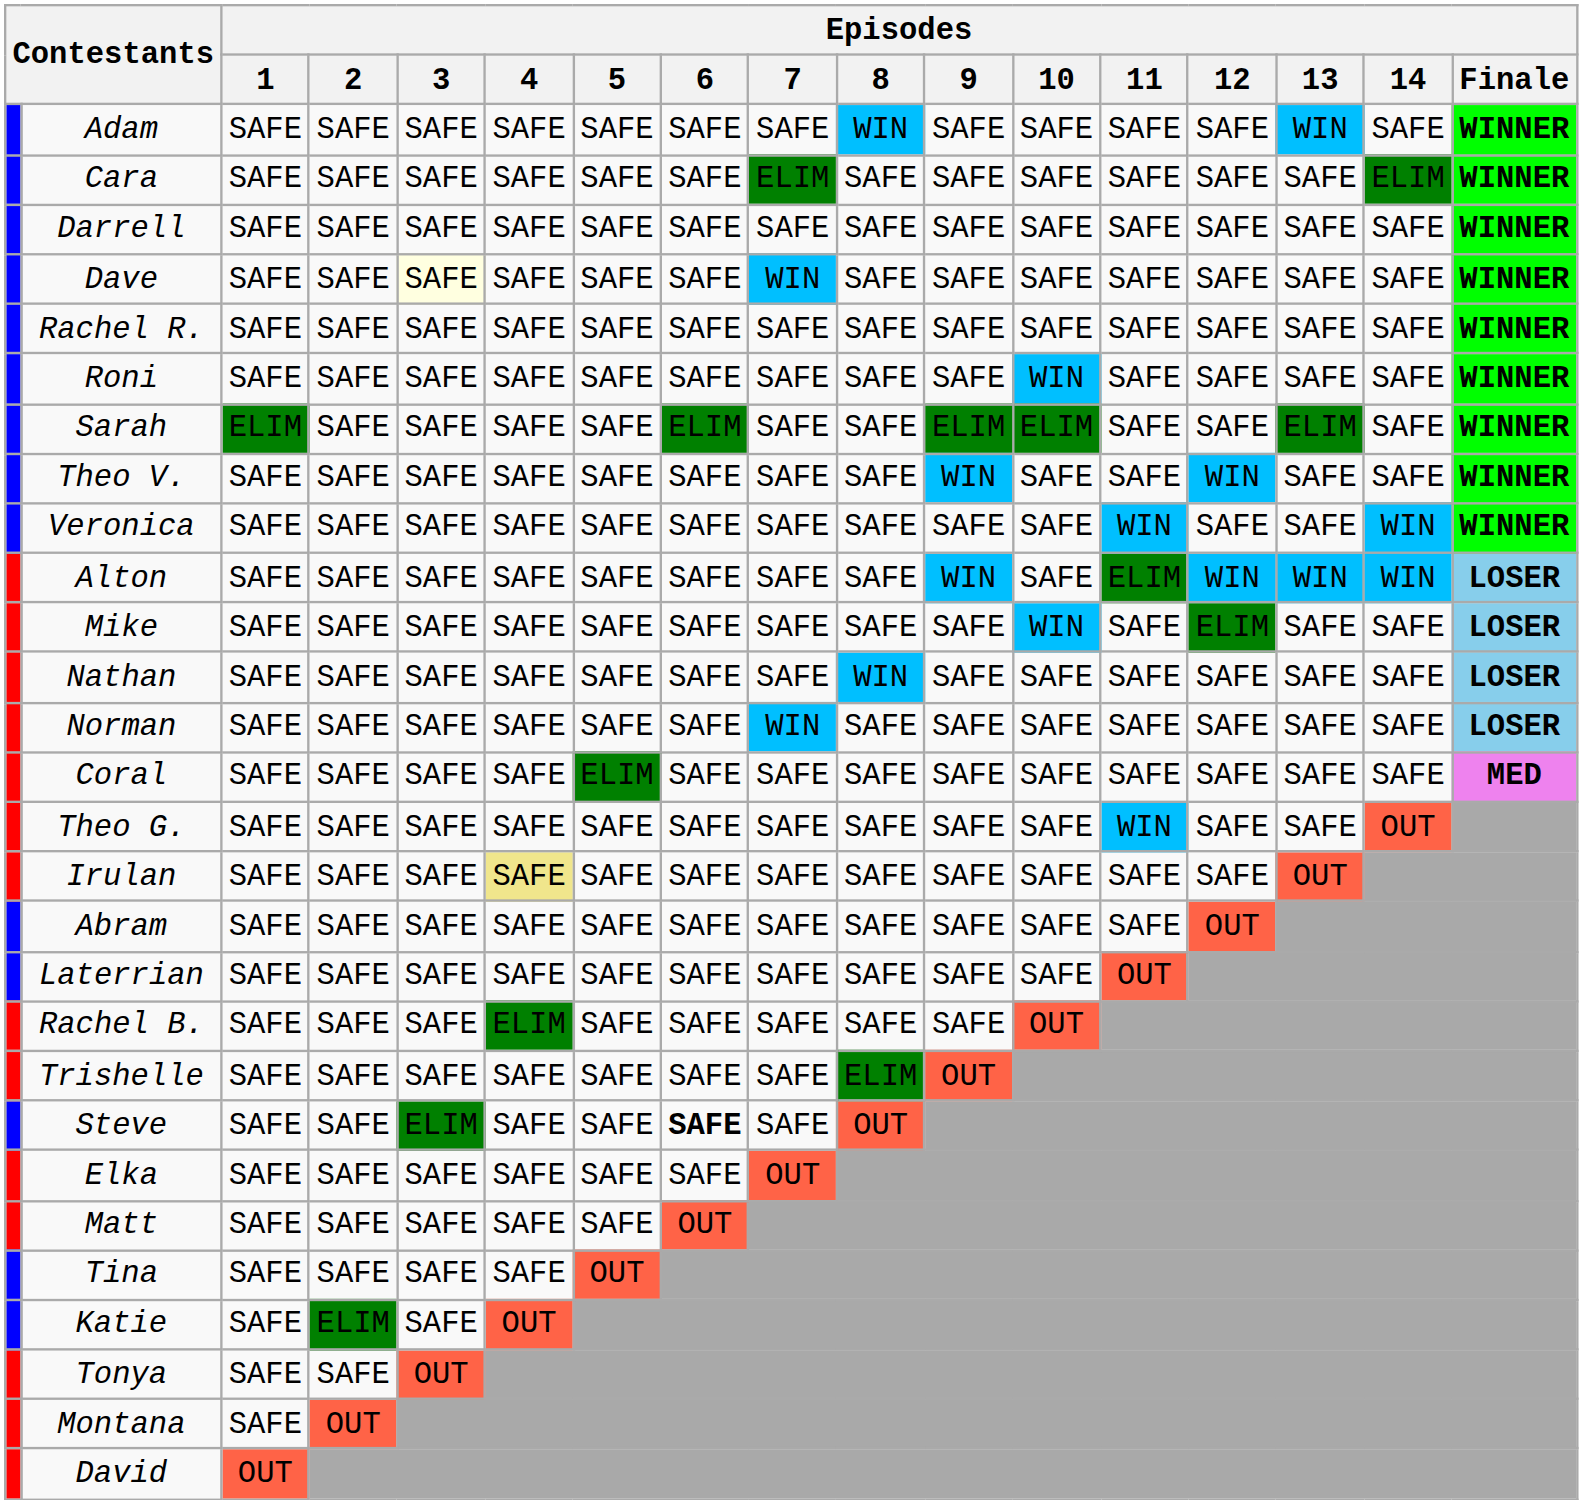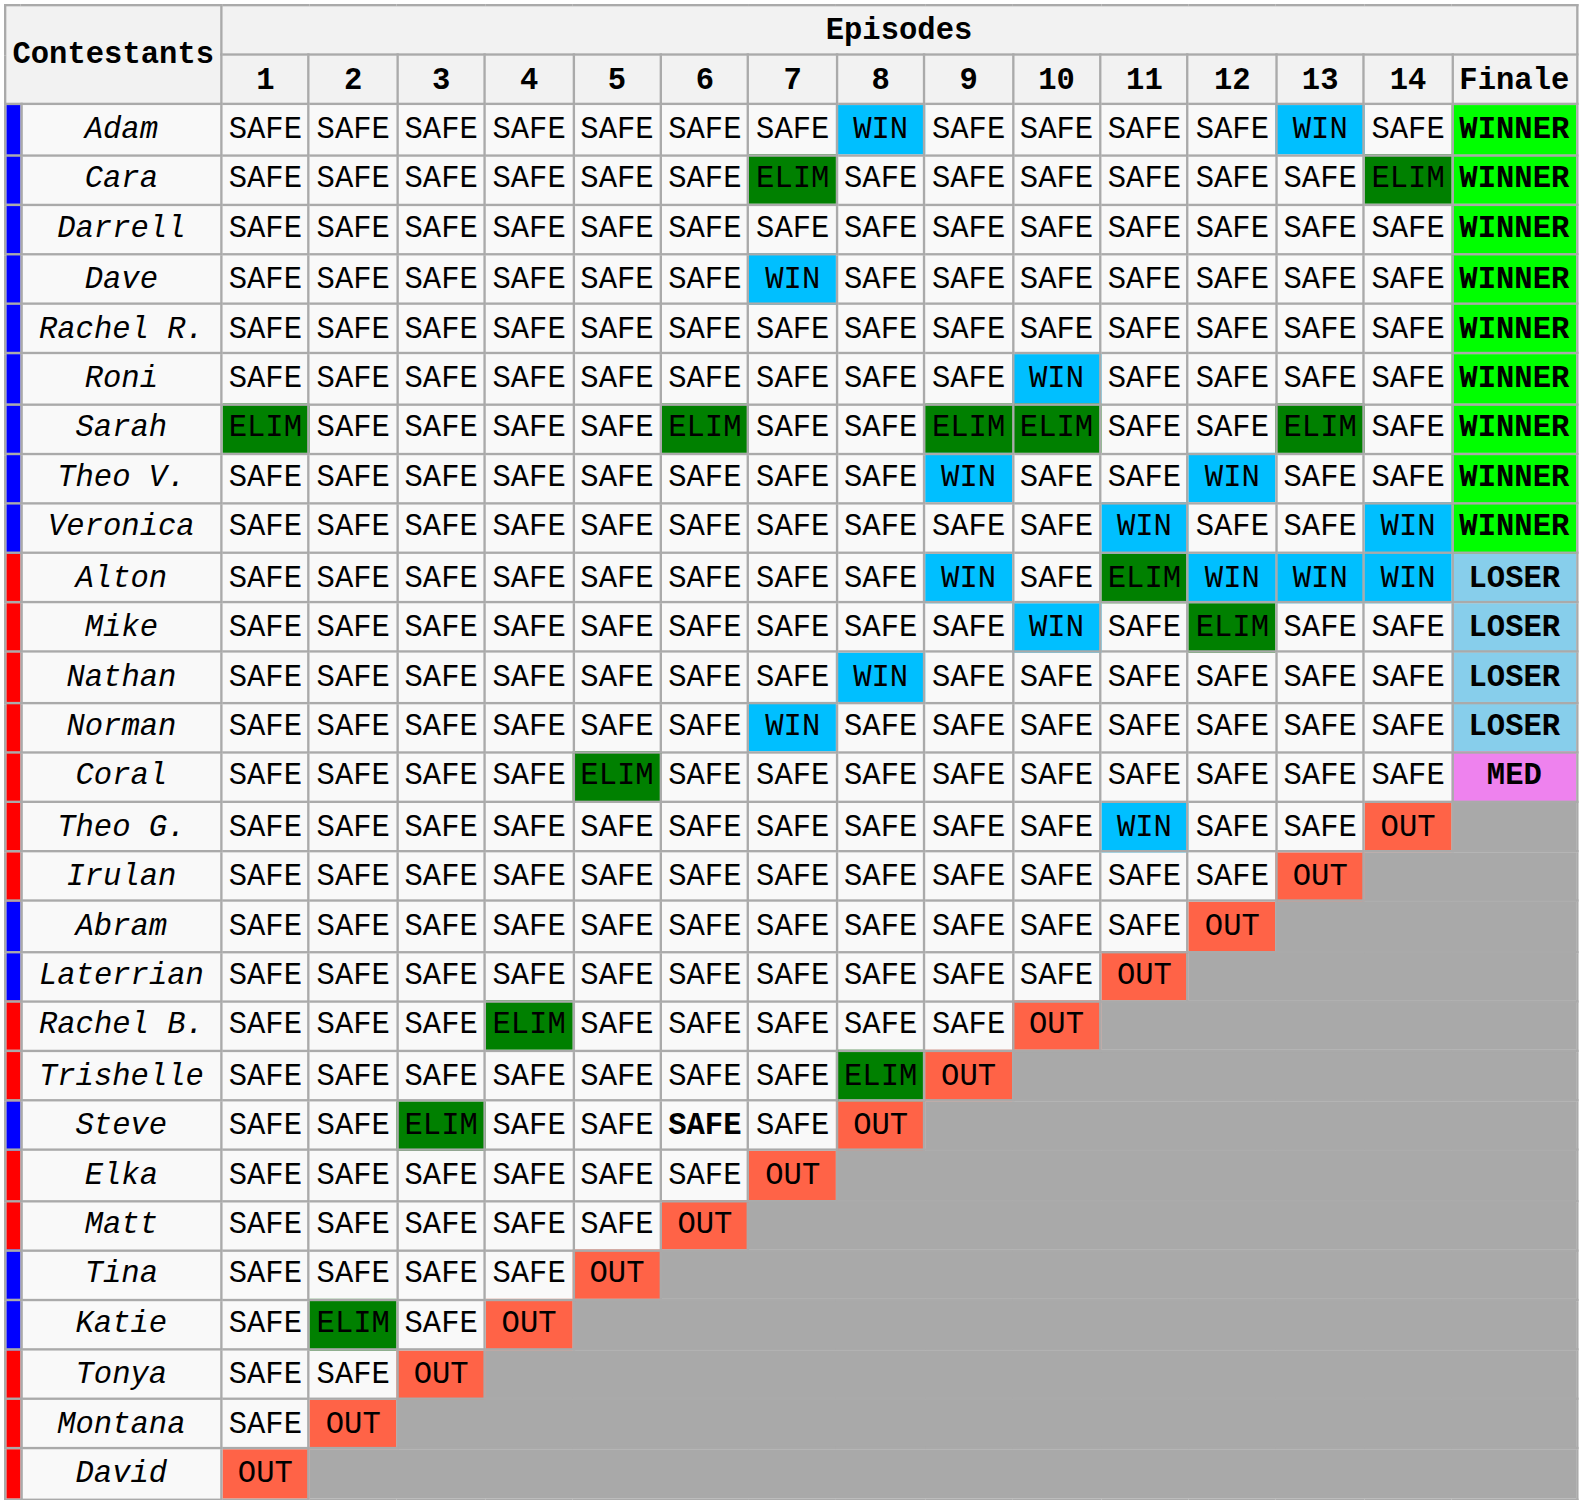 <table class="wikitable" style="text-align:center; font-size:100%">
 <tr>
 <th rowspan=2 colspan=2>Contestants</th>
 <th rowspan=1 colspan=16>Episodes</th>
 </tr>
 <tr>
 <th>1</th>
 <th>2</th>
 <th>3</th>
 <th>4</th>
 <th>5</th>
 <th>6</th>
 <th>7</th>
 <th>8</th>
 <th>9</th>
 <th>10</th>
 <th>11</th>
 <th>12</th>
 <th>13</th>
 <th>14</th>
 <th>Finale</th>
 </tr>
 <tr>
 <td bgcolor="blue"></td>
 <td><em>Adam</em></td>
 <td>SAFE</td>
 <td>SAFE</td>
 <td>SAFE</td>
 <td>SAFE</td>
 <td>SAFE</td>
 <td>SAFE</td>
 <td>SAFE</td>
 <td bgcolor="deepskyblue">WIN</td>
 <td>SAFE</td>
 <td>SAFE</td>
 <td>SAFE</td>
 <td>SAFE</td>
 <td bgcolor="deepskyblue">WIN</td>
 <td>SAFE</td>
 <td bgcolor="lime"><strong>WINNER</strong></td>
 </tr>
 <tr>
 <td bgcolor="blue"></td>
 <td><em>Cara</em></td>
 <td>SAFE</td>
 <td>SAFE</td>
 <td>SAFE</td>
 <td>SAFE</td>
 <td>SAFE</td>
 <td>SAFE</td>
 <td bgcolor="green"><span>ELIM</span></td>
 <td>SAFE</td>
 <td>SAFE</td>
 <td>SAFE</td>
 <td>SAFE</td>
 <td>SAFE</td>
 <td>SAFE</td>
 <td bgcolor="green"><span>ELIM</span></td>
 <td bgcolor="lime"><strong>WINNER</strong></td>
 </tr>
 <tr>
 <td bgcolor="blue"></td>
 <td><em>Darrell</em></td>
 <td>SAFE</td>
 <td>SAFE</td>
 <td>SAFE</td>
 <td>SAFE</td>
 <td>SAFE</td>
 <td>SAFE</td>
 <td>SAFE</td>
 <td>SAFE</td>
 <td>SAFE</td>
 <td>SAFE</td>
 <td>SAFE</td>
 <td>SAFE</td>
 <td>SAFE</td>
 <td>SAFE</td>
 <td bgcolor="lime"><strong>WINNER</strong></td>
 </tr>
 <tr>
 <td bgcolor="blue"></td>
 <td><em>Dave</em></td>
 <td>SAFE</td>
 <td>SAFE</td>
-<td style="background: lightyellow;">SAFE</td>
+<td>SAFE</td>
 <td>SAFE</td>
 <td>SAFE</td>
 <td>SAFE</td>
 <td bgcolor="deepskyblue">WIN</td>
 <td>SAFE</td>
 <td>SAFE</td>
 <td>SAFE</td>
 <td>SAFE</td>
 <td>SAFE</td>
 <td>SAFE</td>
 <td>SAFE</td>
 <td bgcolor="lime"><strong>WINNER</strong></td>
 </tr>
 <tr>
 <td bgcolor="blue"></td>
 <td><em>Rachel R.</em></td>
 <td>SAFE</td>
 <td>SAFE</td>
 <td>SAFE</td>
 <td>SAFE</td>
 <td>SAFE</td>
 <td>SAFE</td>
 <td>SAFE</td>
 <td>SAFE</td>
 <td>SAFE</td>
 <td>SAFE</td>
 <td>SAFE</td>
 <td>SAFE</td>
 <td>SAFE</td>
 <td>SAFE</td>
 <td bgcolor="lime"><strong>WINNER</strong></td>
 </tr>
 <tr>
 <td bgcolor="blue"></td>
 <td><em>Roni</em></td>
 <td>SAFE</td>
 <td>SAFE</td>
 <td>SAFE</td>
 <td>SAFE</td>
 <td>SAFE</td>
 <td>SAFE</td>
 <td>SAFE</td>
 <td>SAFE</td>
 <td>SAFE</td>
 <td bgcolor="deepskyblue">WIN</td>
 <td>SAFE</td>
 <td>SAFE</td>
 <td>SAFE</td>
 <td>SAFE</td>
 <td bgcolor="lime"><strong>WINNER</strong></td>
 </tr>
 <tr>
 <td bgcolor="blue"></td>
 <td><em>Sarah</em></td>
 <td bgcolor="green"><span>ELIM</span></td>
 <td>SAFE</td>
 <td>SAFE</td>
 <td>SAFE</td>
 <td>SAFE</td>
 <td bgcolor="green"><span>ELIM</span></td>
 <td>SAFE</td>
 <td>SAFE</td>
 <td bgcolor="green"><span>ELIM</span></td>
 <td bgcolor="green"><span>ELIM</span></td>
 <td>SAFE</td>
 <td>SAFE</td>
 <td bgcolor="green"><span>ELIM</span></td>
 <td>SAFE</td>
 <td bgcolor="lime"><strong>WINNER</strong></td>
 </tr>
 <tr>
 <td bgcolor="blue"></td>
 <td><em>Theo V.</em></td>
 <td>SAFE</td>
 <td>SAFE</td>
 <td>SAFE</td>
 <td>SAFE</td>
 <td>SAFE</td>
 <td>SAFE</td>
 <td>SAFE</td>
 <td>SAFE</td>
 <td bgcolor="deepskyblue">WIN</td>
 <td>SAFE</td>
 <td>SAFE</td>
 <td bgcolor="deepskyblue">WIN</td>
 <td>SAFE</td>
 <td>SAFE</td>
 <td bgcolor="lime"><strong>WINNER</strong></td>
 </tr>
 <tr>
 <td bgcolor="blue"></td>
 <td><em>Veronica</em></td>
 <td>SAFE</td>
 <td>SAFE</td>
 <td>SAFE</td>
 <td>SAFE</td>
 <td>SAFE</td>
 <td>SAFE</td>
 <td>SAFE</td>
 <td>SAFE</td>
 <td>SAFE</td>
 <td>SAFE</td>
 <td bgcolor="deepskyblue">WIN</td>
 <td>SAFE</td>
 <td>SAFE</td>
 <td bgcolor="deepskyblue">WIN</td>
 <td bgcolor="lime"><strong>WINNER</strong></td>
 </tr>
 <tr>
 <td bgcolor="red"></td>
 <td><em>Alton</em></td>
 <td>SAFE</td>
 <td>SAFE</td>
 <td>SAFE</td>
 <td>SAFE</td>
 <td>SAFE</td>
 <td>SAFE</td>
 <td>SAFE</td>
 <td>SAFE</td>
 <td bgcolor="deepskyblue">WIN</td>
 <td>SAFE</td>
 <td bgcolor="green"><span>ELIM</span></td>
 <td bgcolor="deepskyblue">WIN</td>
 <td bgcolor="deepskyblue">WIN</td>
 <td bgcolor="deepskyblue">WIN</td>
 <td bgcolor="skyblue"><strong>LOSER</strong></td>
 </tr>
 <tr>
 <td bgcolor="red"></td>
 <td><em>Mike</em></td>
 <td>SAFE</td>
 <td>SAFE</td>
 <td>SAFE</td>
 <td>SAFE</td>
 <td>SAFE</td>
 <td>SAFE</td>
 <td>SAFE</td>
 <td>SAFE</td>
 <td>SAFE</td>
 <td bgcolor="deepskyblue">WIN</td>
 <td>SAFE</td>
 <td bgcolor="green"><span>ELIM</span></td>
 <td>SAFE</td>
 <td>SAFE</td>
 <td bgcolor="skyblue"><strong>LOSER</strong></td>
 </tr>
 <tr>
 <td bgcolor="red"></td>
 <td><em>Nathan</em></td>
 <td>SAFE</td>
 <td>SAFE</td>
 <td>SAFE</td>
 <td>SAFE</td>
 <td>SAFE</td>
 <td>SAFE</td>
 <td>SAFE</td>
 <td bgcolor="deepskyblue">WIN</td>
 <td>SAFE</td>
 <td>SAFE</td>
 <td>SAFE</td>
 <td>SAFE</td>
 <td>SAFE</td>
 <td>SAFE</td>
 <td bgcolor="skyblue"><strong>LOSER</strong></td>
 </tr>
 <tr>
 <td bgcolor="red"></td>
 <td><em>Norman</em></td>
 <td>SAFE</td>
 <td>SAFE</td>
 <td>SAFE</td>
 <td>SAFE</td>
 <td>SAFE</td>
 <td>SAFE</td>
 <td bgcolor="deepskyblue">WIN</td>
 <td>SAFE</td>
 <td>SAFE</td>
 <td>SAFE</td>
 <td>SAFE</td>
 <td>SAFE</td>
 <td>SAFE</td>
 <td>SAFE</td>
 <td bgcolor="skyblue"><strong>LOSER</strong></td>
 </tr>
 <tr>
 <td bgcolor="red"></td>
 <td><em>Coral</em></td>
 <td>SAFE</td>
 <td>SAFE</td>
 <td>SAFE</td>
 <td>SAFE</td>
 <td bgcolor="green"><span>ELIM</span></td>
 <td>SAFE</td>
 <td>SAFE</td>
 <td>SAFE</td>
 <td>SAFE</td>
 <td>SAFE</td>
 <td>SAFE</td>
 <td>SAFE</td>
 <td>SAFE</td>
 <td>SAFE</td>
 <td bgcolor="violet"><strong>MED</strong></td>
 </tr>
 <tr>
 <td bgcolor="red"></td>
 <td><em>Theo G.</em></td>
 <td>SAFE</td>
 <td>SAFE</td>
 <td>SAFE</td>
 <td>SAFE</td>
 <td>SAFE</td>
 <td>SAFE</td>
 <td>SAFE</td>
 <td>SAFE</td>
 <td>SAFE</td>
 <td>SAFE</td>
 <td bgcolor="deepskyblue">WIN</td>
 <td>SAFE</td>
 <td>SAFE</td>
 <td bgcolor="tomato">OUT</td>
 <td bgcolor="darkgray"></td>
 </tr>
 <tr>
 <td bgcolor="red"></td>
 <td><em>Irulan</em></td>
 <td>SAFE</td>
 <td>SAFE</td>
 <td>SAFE</td>
-<td style="background: khaki;">SAFE</td>
+<td>SAFE</td>
 <td>SAFE</td>
 <td>SAFE</td>
 <td>SAFE</td>
 <td>SAFE</td>
 <td>SAFE</td>
 <td>SAFE</td>
 <td>SAFE</td>
 <td>SAFE</td>
 <td bgcolor="tomato">OUT</td>
 <td bgcolor="darkgray" colspan=2></td>
 </tr>
 <tr>
 <td bgcolor="blue"></td>
 <td><em>Abram</em></td>
 <td>SAFE</td>
 <td>SAFE</td>
 <td>SAFE</td>
 <td>SAFE</td>
 <td>SAFE</td>
 <td>SAFE</td>
 <td>SAFE</td>
 <td>SAFE</td>
 <td>SAFE</td>
 <td>SAFE</td>
 <td>SAFE</td>
 <td bgcolor="tomato">OUT</td>
 <td bgcolor="darkgray" colspan=3></td>
 </tr>
 <tr>
 <td bgcolor="blue"></td>
 <td><em>Laterrian</em></td>
 <td>SAFE</td>
 <td>SAFE</td>
 <td>SAFE</td>
 <td>SAFE</td>
 <td>SAFE</td>
 <td>SAFE</td>
 <td>SAFE</td>
 <td>SAFE</td>
 <td>SAFE</td>
 <td>SAFE</td>
 <td bgcolor="tomato">OUT</td>
 <td bgcolor="darkgray" colspan=4></td>
 </tr>
 <tr>
 <td bgcolor="red"></td>
 <td><em>Rachel B.</em></td>
 <td>SAFE</td>
 <td>SAFE</td>
 <td>SAFE</td>
 <td bgcolor="green"><span>ELIM</span></td>
 <td>SAFE</td>
 <td>SAFE</td>
 <td>SAFE</td>
 <td>SAFE</td>
 <td>SAFE</td>
 <td bgcolor="tomato">OUT</td>
 <td bgcolor="darkgray" colspan=5></td>
 </tr>
 <tr>
 <td bgcolor="red"></td>
 <td><em>Trishelle</em></td>
 <td>SAFE</td>
 <td>SAFE</td>
 <td>SAFE</td>
 <td>SAFE</td>
 <td>SAFE</td>
 <td>SAFE</td>
 <td>SAFE</td>
 <td bgcolor="green"><span>ELIM</span></td>
 <td bgcolor="tomato">OUT</td>
 <td bgcolor="darkgray" colspan=6></td>
 </tr>
 <tr>
 <td bgcolor="blue"></td>
 <td><em>Steve</em></td>
 <td>SAFE</td>
 <td>SAFE</td>
 <td bgcolor="green"><span>ELIM</span></td>
 <td>SAFE</td>
 <td>SAFE</td>
 <td><strong>SAFE</strong></td>
 <td>SAFE</td>
 <td bgcolor="tomato">OUT</td>
 <td bgcolor="darkgray" colspan=7></td>
 </tr>
 <tr>
 <td bgcolor="red"></td>
 <td><em>Elka</em></td>
 <td>SAFE</td>
 <td>SAFE</td>
 <td>SAFE</td>
 <td>SAFE</td>
 <td>SAFE</td>
 <td>SAFE</td>
 <td bgcolor="tomato">OUT</td>
 <td bgcolor="darkgray" colspan=8></td>
 </tr>
 <tr>
 <td bgcolor="red"></td>
 <td><em>Matt</em></td>
 <td>SAFE</td>
 <td>SAFE</td>
 <td>SAFE</td>
 <td>SAFE</td>
 <td>SAFE</td>
 <td bgcolor="tomato">OUT</td>
 <td bgcolor="darkgray" colspan=9></td>
 </tr>
 <tr>
 <td bgcolor="blue"></td>
 <td><em>Tina</em></td>
 <td>SAFE</td>
 <td>SAFE</td>
 <td>SAFE</td>
 <td>SAFE</td>
 <td bgcolor="tomato">OUT</td>
 <td bgcolor="darkgray" colspan=10></td>
 </tr>
 <tr>
 <td bgcolor="blue"></td>
 <td><em>Katie</em></td>
 <td>SAFE</td>
 <td bgcolor="green"><span>ELIM</span></td>
 <td>SAFE</td>
 <td bgcolor="tomato">OUT</td>
 <td bgcolor="darkgray" colspan=11></td>
 </tr>
 <tr>
 <td bgcolor="red"></td>
 <td><em>Tonya</em></td>
 <td>SAFE</td>
 <td>SAFE</td>
 <td bgcolor="tomato">OUT</td>
 <td bgcolor="darkgray" colspan=12></td>
 </tr>
 <tr>
 <td bgcolor="red"></td>
 <td><em>Montana</em></td>
 <td>SAFE</td>
 <td bgcolor="tomato">OUT</td>
 <td bgcolor="darkgray" colspan=13></td>
 </tr>
 <tr>
 <td bgcolor="red"></td>
 <td><em>David</em></td>
 <td bgcolor="tomato">OUT</td>
 <td bgcolor="darkgray" colspan=14></td>
 </tr>
 </table>
